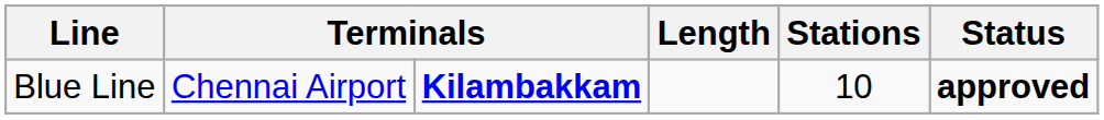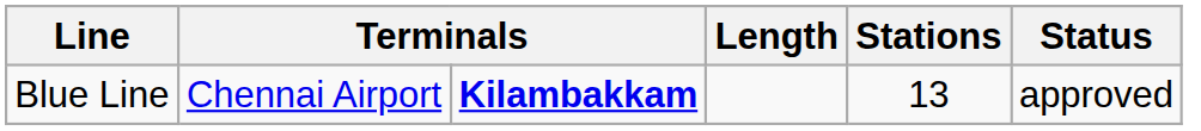 <table class="wikitable sortable" style="text-align:left; font-size:90%;">
 <tr>
 <th>Line</th>
 <th colspan="2">Terminals</th>
 <th>Length</th>
 <th>Stations</th>
 <th>Status</th>
 </tr>
 <tr>
 <td style="background:#"><span>Blue Line</span></td>
 <td><a href='#'>Chennai Airport</a></td>
 <td><strong><a href='#'>Kilambakkam</a></strong></td>
 <td style="text-align:center;"></td>
-<td style="text-align:center;">10</td>
-<td><strong> approved</strong></td>
+<td style="text-align:center;">13</td>
+<td> approved</td>
 </tr>
 </table>
